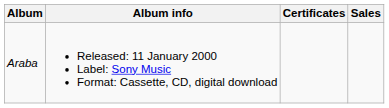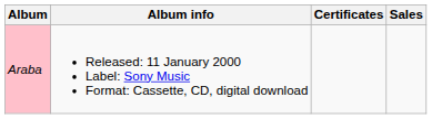 <table class="wikitable">
 <tr>
 <th>Album</th>
 <th>Album info</th>
 <th>Certificates</th>
 <th>Sales</th>
 </tr>
 <tr>
-<td><em>Araba</em></td>
+<td style="background: pink;"><em>Araba</em></td>
 <td><br><ul><li>Released: 11 January 2000</li><li>Label: <a href='#'>Sony Music</a></li><li>Format: Cassette, CD, digital download</li></ul></td>
 <td></td>
 </tr>
 </table>
